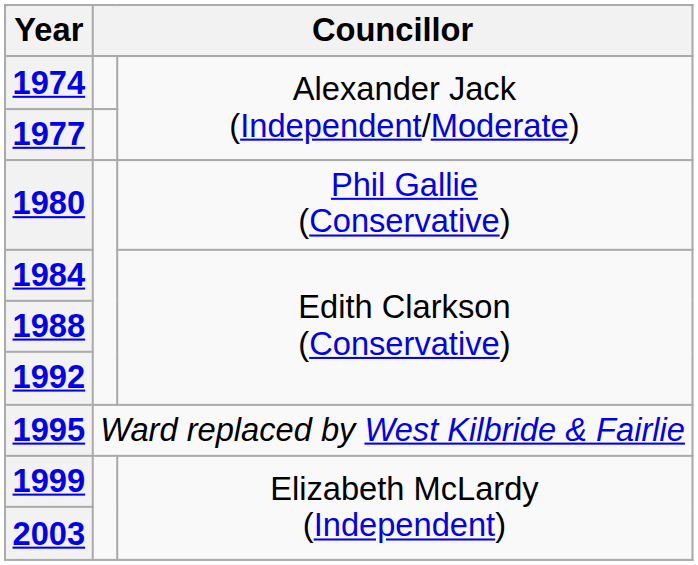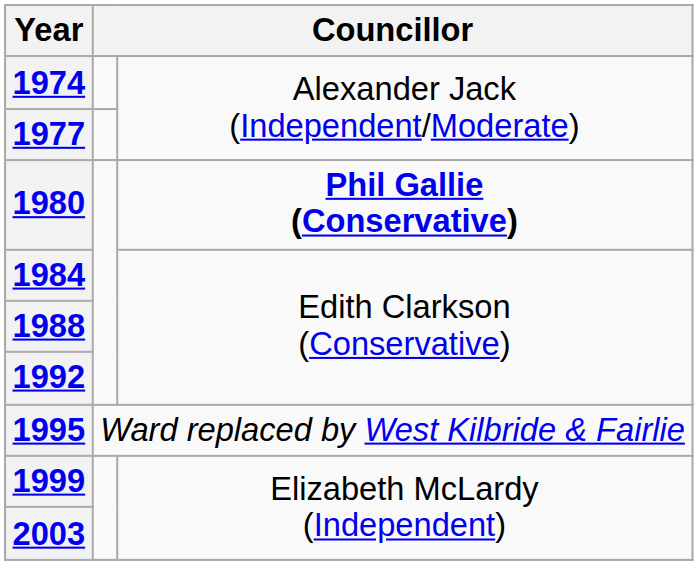 <table class="wikitable" style="text-align:center">
 <tr>
 <th>Year</th>
 <th colspan=5>Councillor</th>
 </tr>
 <tr>
 <th><a href='#'>1974</a></th>
 <td Rowspan=1; style="background-color: "></td>
 <td rowspan=2>Alexander Jack<br>(<a href='#'>Independent</a>/<a href='#'>Moderate</a>)</td>
 </tr>
 <tr>
 <th><a href='#'>1977</a></th>
 <td Rowspan=1; style="background-color: "></td>
 </tr>
 <tr>
 <th><a href='#'>1980</a></th>
 <td Rowspan=4; style="background-color: "></td>
-<td rowspan=1><a href='#'>Phil Gallie</a><br>(<a href='#'>Conservative</a>)</td>
+<td rowspan=1><strong><a href='#'>Phil Gallie</a><br>(<a href='#'>Conservative</a>)</strong></td>
 </tr>
 <tr>
 <th><a href='#'>1984</a></th>
 <td rowspan=3>Edith Clarkson<br>(<a href='#'>Conservative</a>)</td>
 </tr>
 <tr>
 <th><a href='#'>1988</a></th>
 </tr>
 <tr>
 <th><a href='#'>1992</a></th>
 </tr>
 <tr>
 <th><a href='#'>1995</a></th>
 <td colspan=2><em>Ward replaced by <a href='#'>West Kilbride & Fairlie</a></td>
 </tr>
 <tr>
 <th><a href='#'>1999</a></th>
 <td Rowspan=2; style="background-color: "></td>
 <td Rowspan=2>Elizabeth McLardy<br>(<a href='#'>Independent</a>)</td>
 </tr>
 <tr>
 <th><a href='#'>2003</a></th>
 </tr>
 </table>
